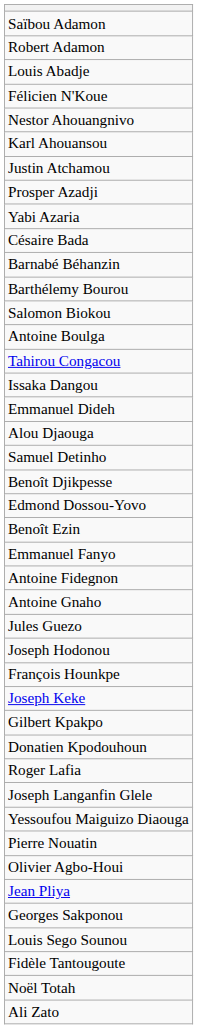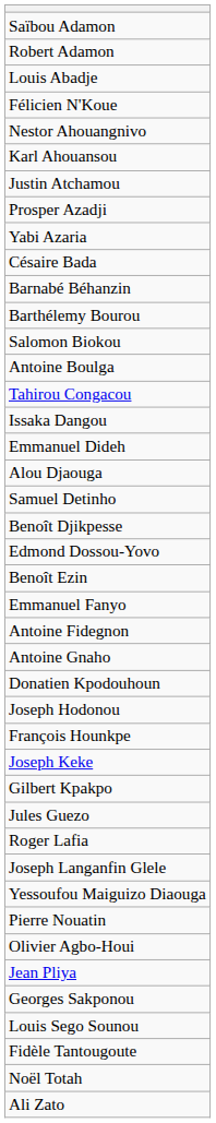 <table class="wikitable centre mw-collapsible mw-collapsed" style="text-align:left;">
 <tr>
 <th></th>
 </tr>
 <tr>
 <td>Saïbou Adamon</td>
 </tr>
 <tr>
 <td>Robert Adamon</td>
 </tr>
 <tr>
 <td>Louis Abadje</td>
 </tr>
 <tr>
 <td>Félicien N'Koue</td>
 </tr>
 <tr>
 <td>Nestor Ahouangnivo</td>
 </tr>
 <tr>
 <td>Karl Ahouansou</td>
 </tr>
 <tr>
 <td>Justin Atchamou</td>
 </tr>
 <tr>
 <td>Prosper Azadji</td>
 </tr>
 <tr>
 <td>Yabi Azaria</td>
 </tr>
 <tr>
 <td>Césaire Bada</td>
 </tr>
 <tr>
 <td>Barnabé Béhanzin</td>
 </tr>
 <tr>
 <td>Barthélemy Bourou</td>
 </tr>
 <tr>
 <td>Salomon Biokou</td>
 </tr>
 <tr>
 <td>Antoine Boulga</td>
 </tr>
 <tr>
 <td><a href='#'>Tahirou Congacou</a></td>
 </tr>
 <tr>
 <td>Issaka Dangou</td>
 </tr>
 <tr>
 <td>Emmanuel Dideh</td>
 </tr>
 <tr>
 <td>Alou Djaouga</td>
 </tr>
 <tr>
 <td>Samuel Detinho</td>
 </tr>
 <tr>
 <td>Benoît Djikpesse</td>
 </tr>
 <tr>
 <td>Edmond Dossou-Yovo</td>
 </tr>
 <tr>
 <td>Benoît Ezin</td>
 </tr>
 <tr>
 <td>Emmanuel Fanyo</td>
 </tr>
 <tr>
 <td>Antoine Fidegnon</td>
 </tr>
 <tr>
 <td>Antoine Gnaho</td>
 </tr>
 <tr>
-<td>Jules Guezo</td>
+<td>Donatien Kpodouhoun</td>
 </tr>
 <tr>
 <td>Joseph Hodonou</td>
 </tr>
 <tr>
 <td>François Hounkpe</td>
 </tr>
 <tr>
 <td><a href='#'>Joseph Keke</a></td>
 </tr>
 <tr>
 <td>Gilbert Kpakpo</td>
 </tr>
 <tr>
-<td>Donatien Kpodouhoun</td>
+<td>Jules Guezo</td>
 </tr>
 <tr>
 <td>Roger Lafia</td>
 </tr>
 <tr>
 <td>Joseph Langanfin Glele</td>
 </tr>
 <tr>
 <td>Yessoufou Maiguizo Diaouga</td>
 </tr>
 <tr>
 <td>Pierre Nouatin</td>
 </tr>
 <tr>
 <td>Olivier Agbo-Houi</td>
 </tr>
 <tr>
 <td><a href='#'>Jean Pliya</a></td>
 </tr>
 <tr>
 <td>Georges Sakponou</td>
 </tr>
 <tr>
 <td>Louis Sego Sounou</td>
 </tr>
 <tr>
 <td>Fidèle Tantougoute</td>
 </tr>
 <tr>
 <td>Noël Totah</td>
 </tr>
 <tr>
 <td>Ali Zato</td>
 </tr>
 </table>
